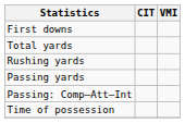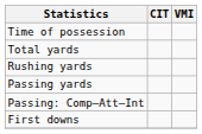 <table class="wikitable" style="float: left;">
 <tr>
 <th>Statistics</th>
 <th>CIT</th>
 <th>VMI</th>
 </tr>
 <tr>
-<td>First downs</td>
+<td>Time of possession</td>
 <td></td>
 <td></td>
 </tr>
 <tr>
 <td>Total yards</td>
 <td></td>
 <td></td>
 </tr>
 <tr>
 <td>Rushing yards</td>
 <td></td>
 <td></td>
 </tr>
 <tr>
 <td>Passing yards</td>
 <td></td>
 <td></td>
 </tr>
 <tr>
 <td>Passing: Comp–Att–Int</td>
 <td></td>
 <td></td>
 </tr>
 <tr>
-<td>Time of possession</td>
+<td>First downs</td>
 <td></td>
 <td></td>
 </tr>
 <tr>
 </tr>
 </table>
